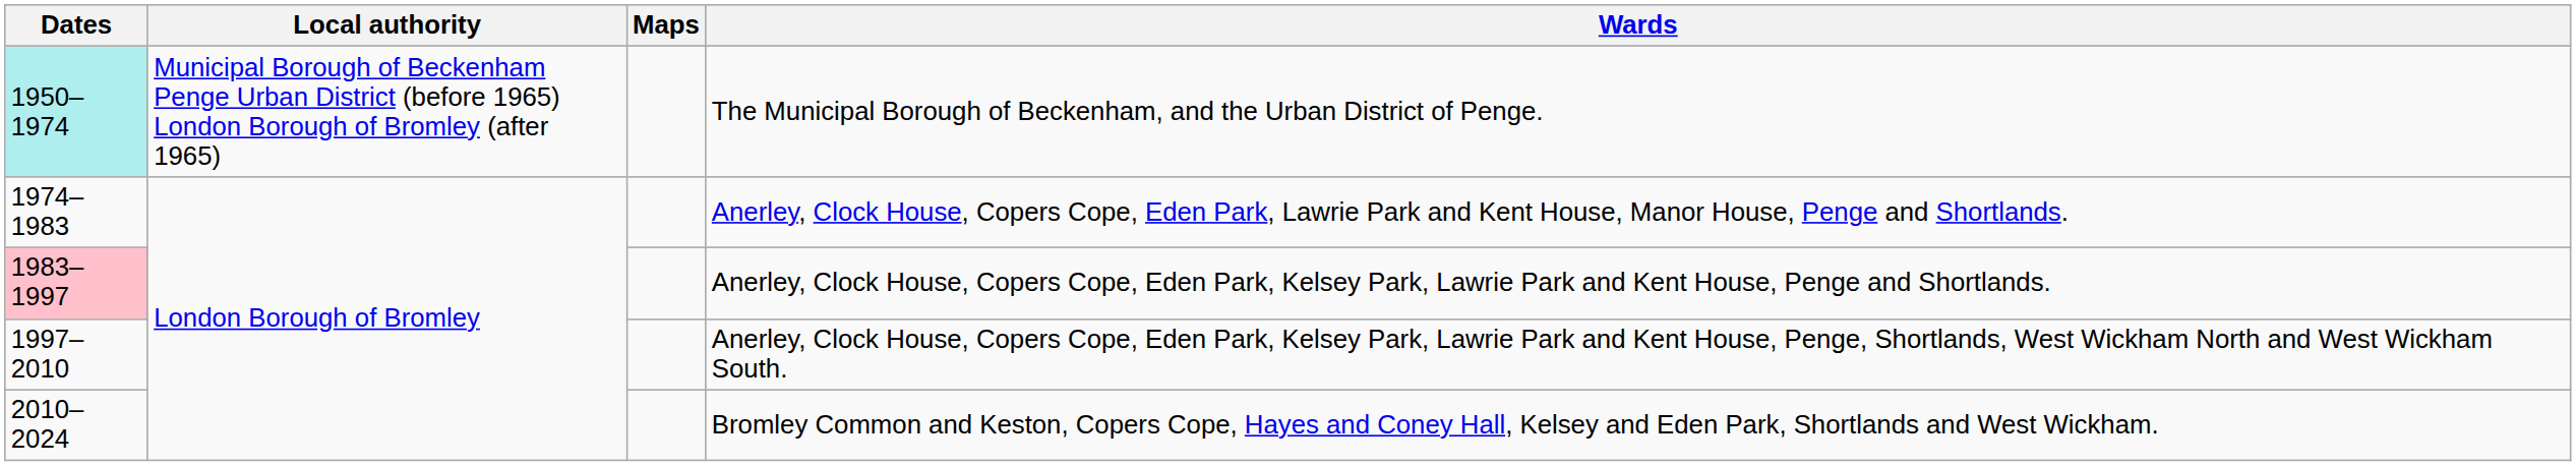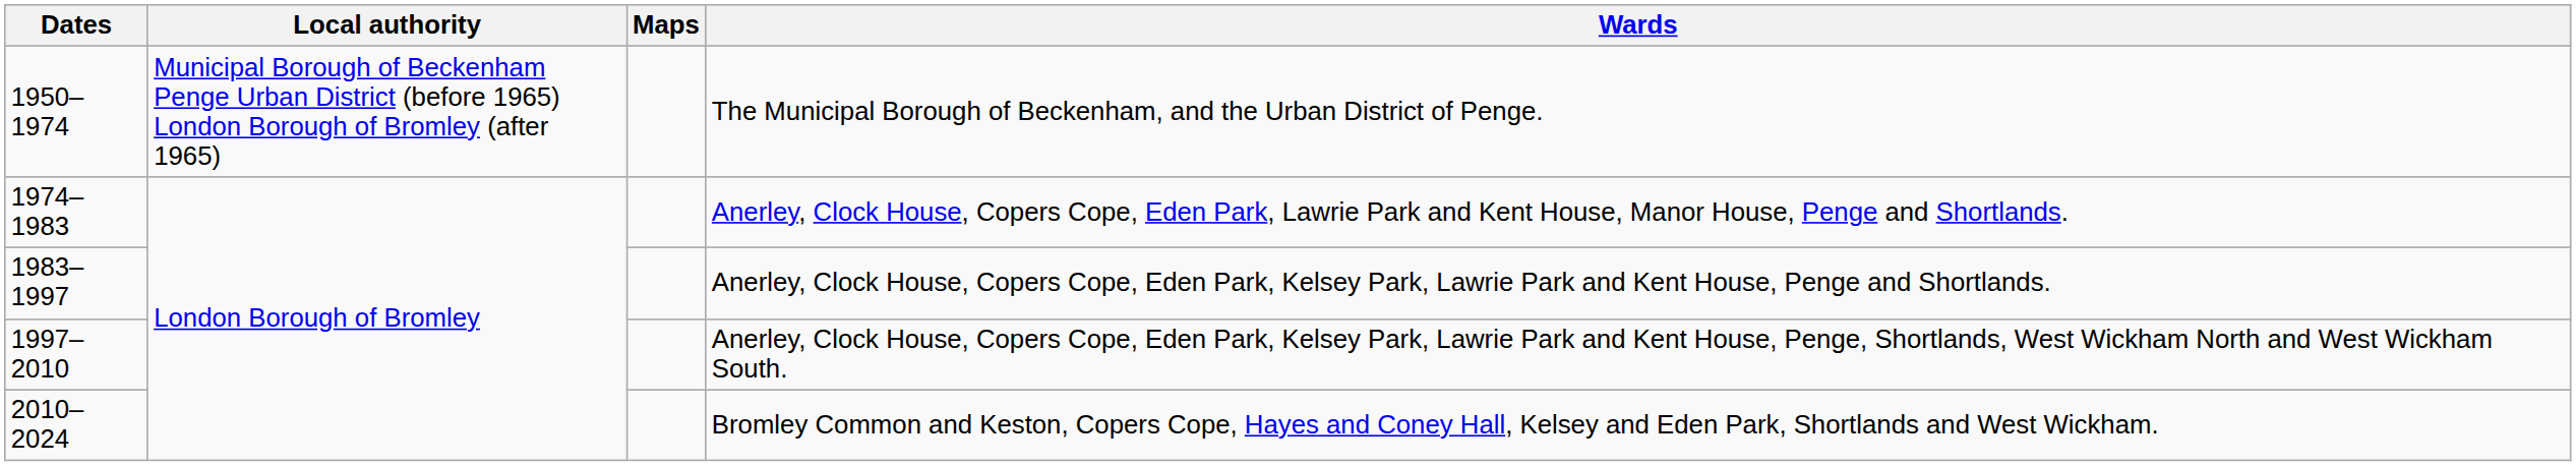 <table class=wikitable>
 <tr>
 <th>Dates</th>
 <th>Local authority</th>
 <th>Maps</th>
 <th><a href='#'>Wards</a></th>
 </tr>
 <tr>
-<td style="background: paleturquoise;">1950–1974</td>
+<td>1950–1974</td>
 <td><a href='#'>Municipal Borough of Beckenham</a><br><a href='#'>Penge Urban District</a> (before 1965)<br><a href='#'>London Borough of Bromley</a> (after 1965)</td>
 <td></td>
 <td>The Municipal Borough of Beckenham, and the Urban District of Penge.</td>
 </tr>
 <tr>
 <td>1974–1983</td>
 <td rowspan="4"><a href='#'>London Borough of Bromley</a></td>
 <td></td>
 <td><a href='#'>Anerley</a>, <a href='#'>Clock House</a>, Copers Cope, <a href='#'>Eden Park</a>, Lawrie Park and Kent House, Manor House, <a href='#'>Penge</a> and <a href='#'>Shortlands</a>.</td>
 </tr>
 <tr>
-<td style="background: pink;">1983–1997</td>
+<td>1983–1997</td>
 <td></td>
 <td>Anerley, Clock House, Copers Cope, Eden Park, Kelsey Park, Lawrie Park and Kent House, Penge and Shortlands.</td>
 </tr>
 <tr>
 <td>1997–2010</td>
 <td></td>
 <td>Anerley, Clock House, Copers Cope, Eden Park, Kelsey Park, Lawrie Park and Kent House, Penge, Shortlands, West Wickham North and West Wickham South.</td>
 </tr>
 <tr>
 <td>2010–2024</td>
 <td></td>
 <td>Bromley Common and Keston, Copers Cope, <a href='#'>Hayes and Coney Hall</a>, Kelsey and Eden Park, Shortlands and West Wickham.</td>
 </tr>
 </table>
